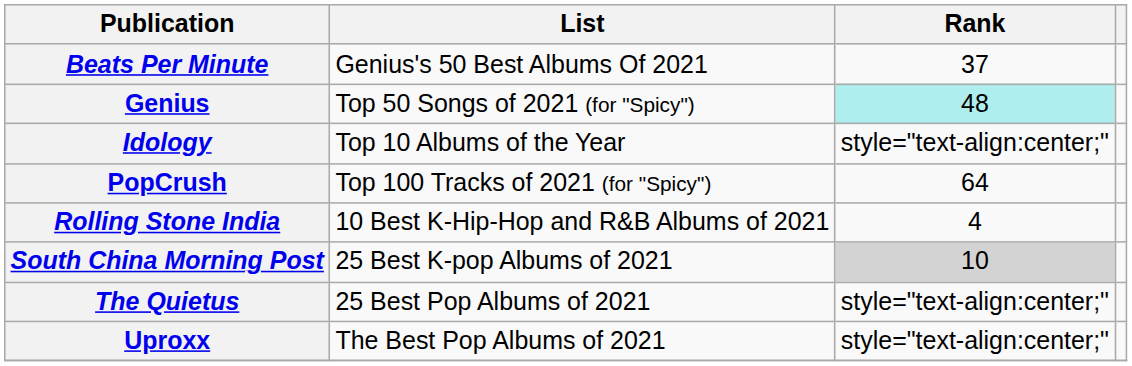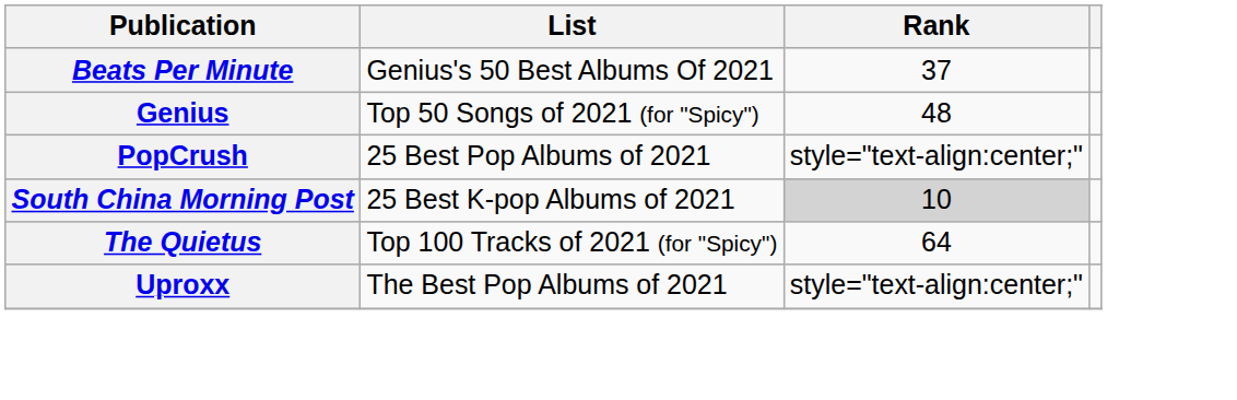 <table class="wikitable plainrowheaders">
 <tr>
 <th>Publication</th>
 <th>List</th>
 <th>Rank</th>
 <th class="unsortable"></th>
 </tr>
 <tr>
 <th scope="row"><em><a href='#'>Beats Per Minute</a></em></th>
 <td>Genius's 50 Best Albums Of 2021</td>
 <td style="text-align:center;">37</td>
 <td style="text-align:center;"></td>
 </tr>
 <tr>
 <th scope="row"><a href='#'>Genius</a></th>
 <td>Top 50 Songs of 2021 <small>(for "Spicy")</small></td>
-<td style="background: paleturquoise; text-align:center;">48</td>
-<td style="text-align:center;"></td>
-</tr>
-<tr>
-<th scope="row"><em><a href='#'>Idology</a></em></th>
-<td>Top 10 Albums of the Year</td>
-<td>style="text-align:center;" </td>
+<td style="text-align:center;">48</td>
 <td style="text-align:center;"></td>
 </tr>
 <tr>
 <th scope="row"><a href='#'>PopCrush</a></th>
-<td>Top 100 Tracks of 2021 <small>(for "Spicy")</small></td>
-<td style="text-align:center;">64</td>
-<td style="text-align:center;"></td>
-</tr>
-<tr>
-<th scope="row"><em><a href='#'>Rolling Stone India</a></em></th>
-<td>10 Best K-Hip-Hop and R&B Albums of 2021</td>
-<td style="text-align:center;">4</td>
+<td>25 Best Pop Albums of 2021</td>
+<td>style="text-align:center;" </td>
 <td style="text-align:center;"></td>
 </tr>
 <tr>
 <th scope="row"><em><a href='#'>South China Morning Post</a></em></th>
 <td>25 Best K-pop Albums of 2021</td>
 <td style="background: lightgrey; text-align:center;">10</td>
 <td style="text-align:center;"></td>
 </tr>
 <tr>
 <th scope="row"><em><a href='#'>The Quietus</a></em></th>
-<td>25 Best Pop Albums of 2021</td>
-<td>style="text-align:center;" </td>
+<td>Top 100 Tracks of 2021 <small>(for "Spicy")</small></td>
+<td style="text-align:center;">64</td>
 <td style="text-align:center;"></td>
 </tr>
 <tr>
 <th scope="row"><a href='#'>Uproxx</a></th>
 <td>The Best Pop Albums of 2021</td>
 <td>style="text-align:center;" </td>
 <td style="text-align:center;"></td>
 </tr>
 <tr>
 </tr>
 </table>
